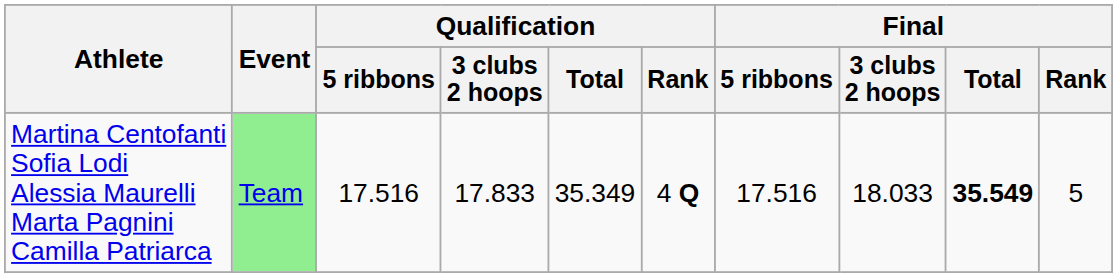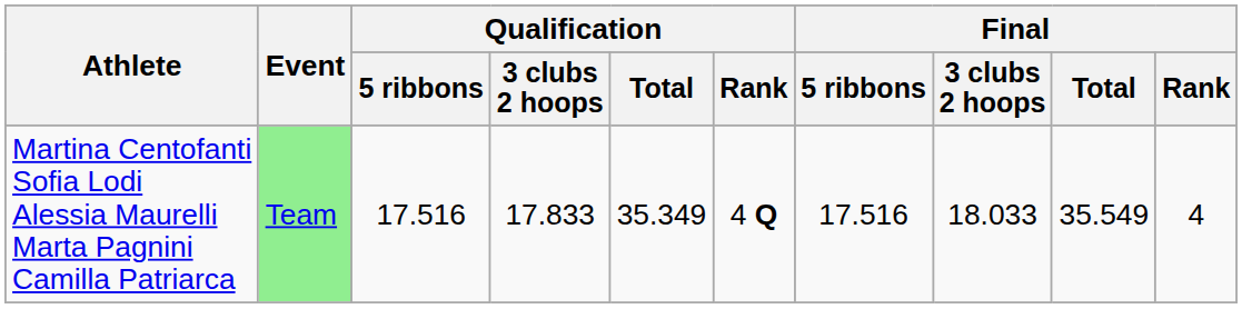 <table class="wikitable" style="font-size:90%">
 <tr>
 <th rowspan="2">Athlete</th>
 <th rowspan="2">Event</th>
 <th colspan="4">Qualification</th>
 <th colspan="4">Final</th>
 </tr>
 <tr style="font-size:95%">
 <th>5 ribbons</th>
 <th>3 clubs<br>2 hoops</th>
 <th>Total</th>
 <th>Rank</th>
 <th>5 ribbons</th>
 <th>3 clubs<br>2 hoops</th>
 <th>Total</th>
 <th>Rank</th>
 </tr>
 <tr align=center>
 <td align=left><a href='#'>Martina Centofanti</a><br><a href='#'>Sofia Lodi</a><br><a href='#'>Alessia Maurelli</a><br><a href='#'>Marta Pagnini</a><br><a href='#'>Camilla Patriarca</a></td>
 <td align=left style="background: lightgreen;"><a href='#'>Team</a></td>
 <td>17.516</td>
 <td>17.833</td>
 <td>35.349</td>
 <td>4 <strong>Q</strong></td>
 <td>17.516</td>
 <td>18.033</td>
-<td><strong>35.549</strong></td>
-<td>5</td>
+<td>35.549</td>
+<td>4</td>
 </tr>
 </table>
